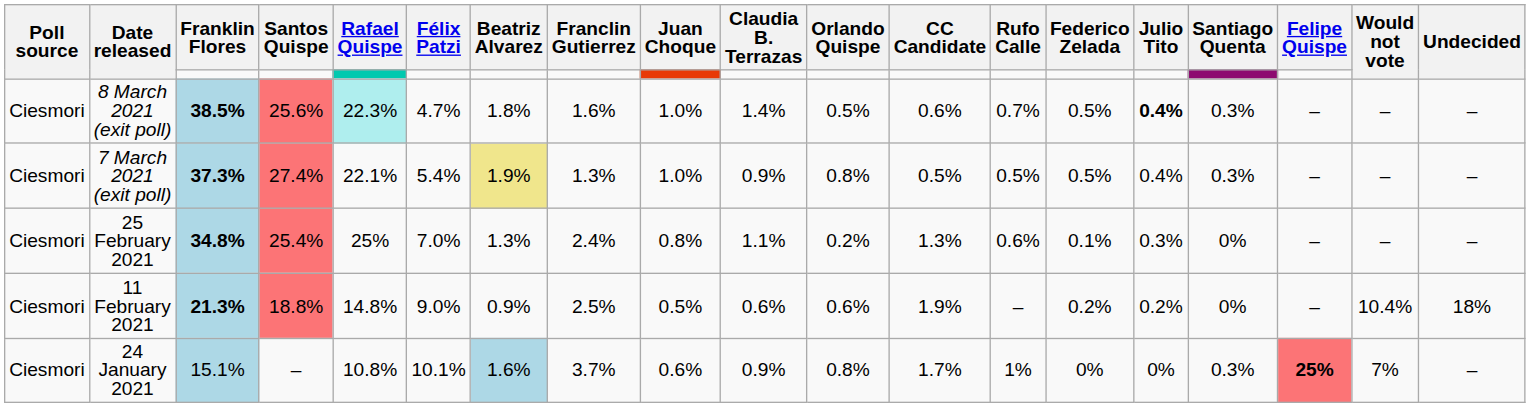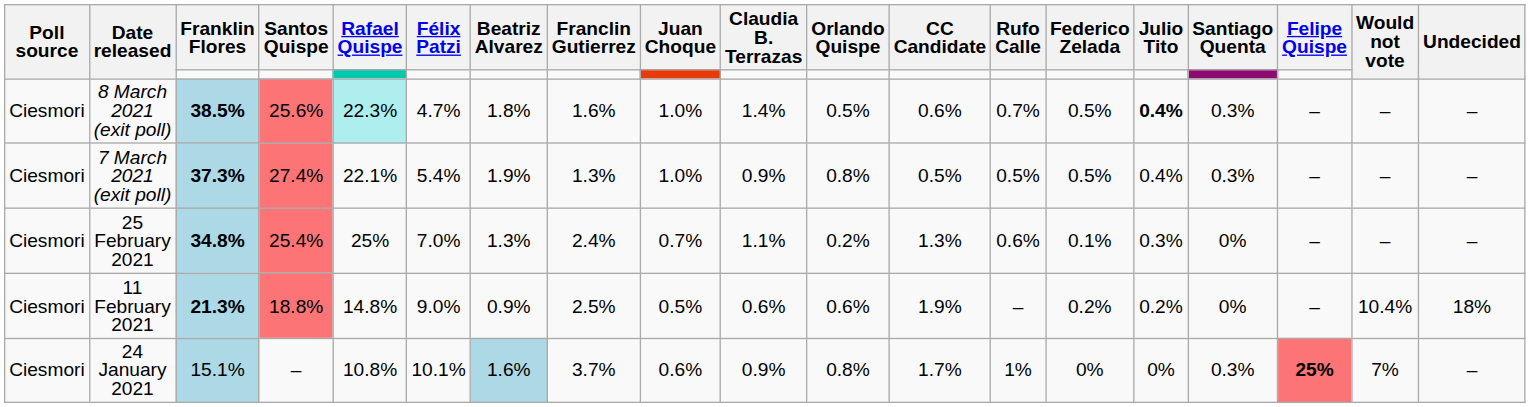 <table class="wikitable" style="text-align:center;font-size:90%;line-height:14px;">
 <tr>
 <th rowspan="2">Poll source</th>
 <th rowspan="2">Date released</th>
 <th style="width:60px">Franklin Flores</th>
 <th style="width:60px">Santos Quispe</th>
 <th style="width:60px"><a href='#'>Rafael Quispe</a></th>
 <th style="width:60px"><a href='#'>Félix Patzi</a></th>
 <th style="width:60px">Beatriz Alvarez</th>
 <th style="width:60px">Franclin Gutierrez</th>
 <th style="width:60px">Juan Choque</th>
 <th style="width:60px">Claudia B. Terrazas</th>
 <th style="width:60px">Orlando Quispe</th>
 <th style="width:60px">CC Candidate</th>
 <th style="width:60px">Rufo Calle</th>
 <th style="width:60px">Federico Zelada</th>
 <th style="width:60px">Julio Tito</th>
 <th style="width:60px">Santiago Quenta</th>
 <th style="width:60px"><a href='#'>Felipe Quispe</a></th>
 <th rowspan="2" style="width:60px">Would not vote</th>
 <th rowspan="2" style="width:60px">Undecided</th>
 </tr>
 <tr>
 <td style="background:"></td>
 <td style="background:"></td>
 <td style="background:#01C9AF"></td>
 <td style="background:"></td>
 <td style="background:"></td>
 <td style="background:"></td>
 <td style="background:#E83A07"></td>
 <td style="background:"></td>
 <td style="background:"></td>
 <td style="background:"></td>
 <td style="background:"></td>
 <td style="background:"></td>
 <td style="background:"></td>
 <td style="background:#8D0A70"></td>
 <td style="background:"></td>
 </tr>
 <tr>
 <td style="text-align:left;">Ciesmori</td>
 <td><em>8 March 2021 (exit poll)</em></td>
 <td style="background:lightblue"><strong>38.5%</strong></td>
 <td style="background:#FC7476">25.6%</td>
 <td style="background: paleturquoise;">22.3%</td>
 <td>4.7%</td>
 <td>1.8%</td>
 <td>1.6%</td>
 <td>1.0%</td>
 <td>1.4%</td>
 <td>0.5%</td>
 <td>0.6%</td>
 <td>0.7%</td>
 <td>0.5%</td>
 <td><strong>0.4%</strong></td>
 <td>0.3%</td>
 <td>–</td>
 <td>–</td>
 <td>–</td>
 </tr>
 <tr>
 <td style="text-align:left;">Ciesmori</td>
 <td><em>7 March 2021 (exit poll)</em></td>
 <td style="background:lightblue"><strong>37.3%</strong></td>
 <td style="background:#FC7476">27.4%</td>
 <td>22.1%</td>
 <td>5.4%</td>
-<td style="background: khaki;">1.9%</td>
+<td>1.9%</td>
 <td>1.3%</td>
 <td>1.0%</td>
 <td>0.9%</td>
 <td>0.8%</td>
 <td>0.5%</td>
 <td>0.5%</td>
 <td>0.5%</td>
 <td>0.4%</td>
 <td>0.3%</td>
 <td>–</td>
 <td>–</td>
 <td>–</td>
 </tr>
 <tr>
 <td style="text-align:left;">Ciesmori</td>
 <td>25 February 2021</td>
 <td style="background:lightblue"><strong>34.8%</strong></td>
 <td style="background:#FC7476">25.4%</td>
 <td>25%</td>
 <td>7.0%</td>
 <td>1.3%</td>
 <td>2.4%</td>
-<td>0.8%</td>
+<td>0.7%</td>
 <td>1.1%</td>
 <td>0.2%</td>
 <td>1.3%</td>
 <td>0.6%</td>
 <td>0.1%</td>
 <td>0.3%</td>
 <td>0%</td>
 <td>–</td>
 <td>–</td>
 <td>–</td>
 </tr>
 <tr>
 <td style="text-align:left;">Ciesmori</td>
 <td>11 February 2021</td>
 <td style="background:lightblue"><strong>21.3%</strong></td>
 <td style="background:#FC7476">18.8%</td>
 <td>14.8%</td>
 <td>9.0%</td>
 <td>0.9%</td>
 <td>2.5%</td>
 <td>0.5%</td>
 <td>0.6%</td>
 <td>0.6%</td>
 <td>1.9%</td>
 <td>–</td>
 <td>0.2%</td>
 <td>0.2%</td>
 <td>0%</td>
 <td>–</td>
 <td>10.4%</td>
 <td>18%</td>
 </tr>
 <tr>
 <td style="text-align:left;">Ciesmori</td>
 <td>24 January 2021</td>
 <td style="background:lightblue">15.1%</td>
 <td>–</td>
 <td>10.8%</td>
 <td>10.1%</td>
 <td style="background: lightblue;">1.6%</td>
 <td>3.7%</td>
 <td>0.6%</td>
 <td>0.9%</td>
 <td>0.8%</td>
 <td>1.7%</td>
 <td>1%</td>
 <td>0%</td>
 <td>0%</td>
 <td>0.3%</td>
 <td style="background:#FC7476"><strong>25%</strong></td>
 <td>7%</td>
 <td>–</td>
 </tr>
 </table>
